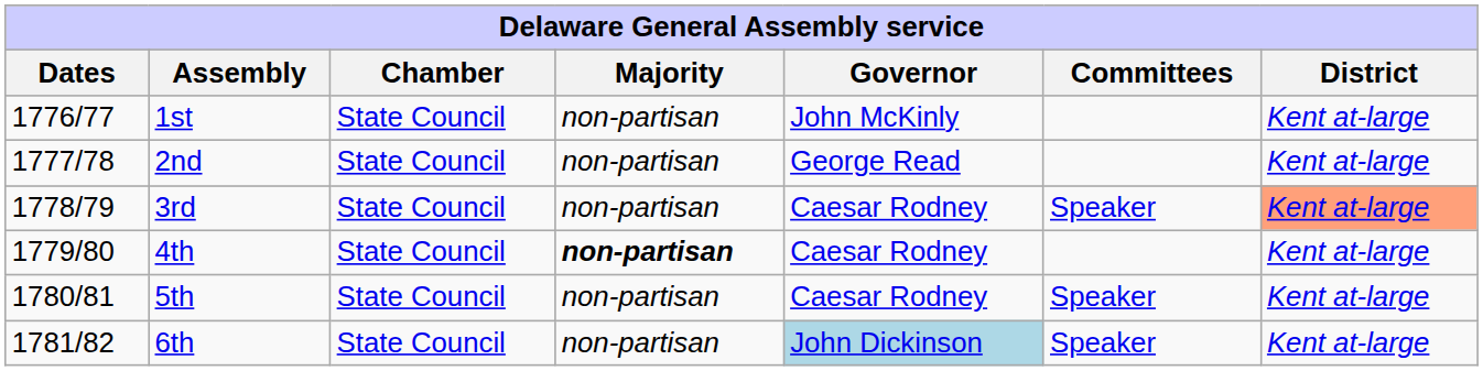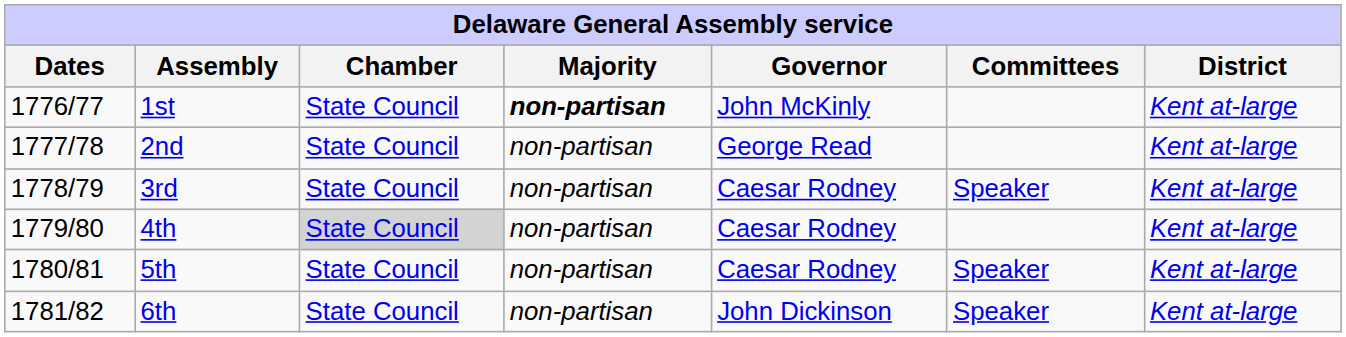 <table class=wikitable style="width: 94%" style="text-align: center;" align="center">
 <tr bgcolor=#cccccc>
 <th colspan=7 style="background: #ccccff;">Delaware General Assembly service</th>
 </tr>
 <tr>
 <th>Dates</th>
 <th>Assembly</th>
 <th>Chamber</th>
 <th>Majority</th>
 <th>Governor</th>
 <th>Committees</th>
 <th>District</th>
 </tr>
 <tr>
 <td>1776/77</td>
 <td><a href='#'>1st</a></td>
 <td><a href='#'>State Council</a></td>
-<td><em>non-partisan</em></td>
+<td><strong><em>non-partisan</em></strong></td>
 <td><a href='#'>John McKinly</a></td>
 <td></td>
 <td><a href='#'><em>Kent at-large</em></a></td>
 </tr>
 <tr>
 <td>1777/78</td>
 <td><a href='#'>2nd</a></td>
 <td><a href='#'>State Council</a></td>
 <td><em>non-partisan</em></td>
 <td><a href='#'>George Read</a></td>
 <td></td>
 <td><a href='#'><em>Kent at-large</em></a></td>
 </tr>
 <tr>
 <td>1778/79</td>
 <td><a href='#'>3rd</a></td>
 <td><a href='#'>State Council</a></td>
 <td><em>non-partisan</em></td>
 <td><a href='#'>Caesar Rodney</a></td>
 <td><a href='#'>Speaker</a></td>
-<td style="background: lightsalmon;"><a href='#'><em>Kent at-large</em></a></td>
+<td><a href='#'><em>Kent at-large</em></a></td>
 </tr>
 <tr>
 <td>1779/80</td>
 <td><a href='#'>4th</a></td>
-<td><a href='#'>State Council</a></td>
-<td><strong><em>non-partisan</em></strong></td>
+<td style="background: lightgrey;"><a href='#'>State Council</a></td>
+<td><em>non-partisan</em></td>
 <td><a href='#'>Caesar Rodney</a></td>
 <td></td>
 <td><a href='#'><em>Kent at-large</em></a></td>
 </tr>
 <tr>
 <td>1780/81</td>
 <td><a href='#'>5th</a></td>
 <td><a href='#'>State Council</a></td>
 <td><em>non-partisan</em></td>
 <td><a href='#'>Caesar Rodney</a></td>
 <td><a href='#'>Speaker</a></td>
 <td><a href='#'><em>Kent at-large</em></a></td>
 </tr>
 <tr>
 <td>1781/82</td>
 <td><a href='#'>6th</a></td>
 <td><a href='#'>State Council</a></td>
 <td><em>non-partisan</em></td>
-<td style="background: lightblue;"><a href='#'>John Dickinson</a></td>
+<td><a href='#'>John Dickinson</a></td>
 <td><a href='#'>Speaker</a></td>
 <td><a href='#'><em>Kent at-large</em></a></td>
 </tr>
 </table>
